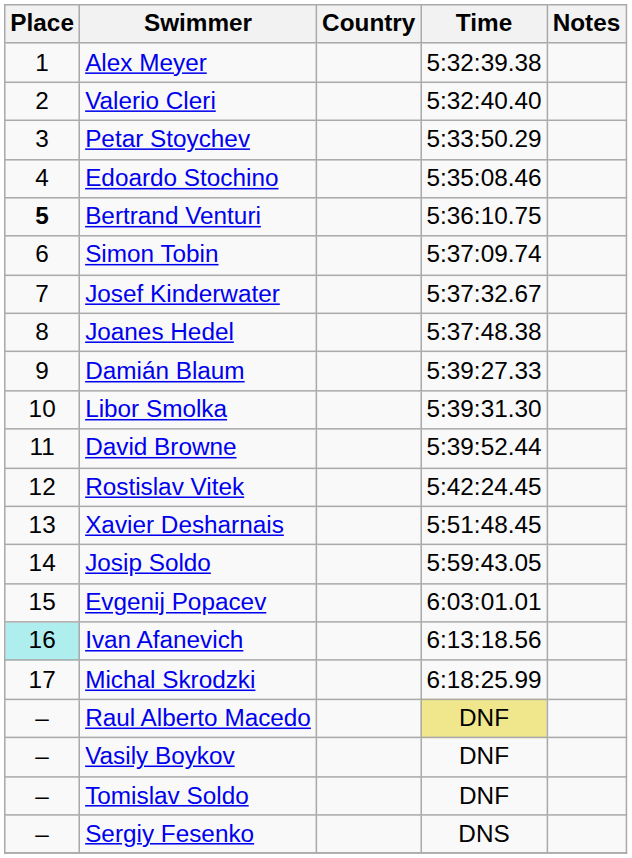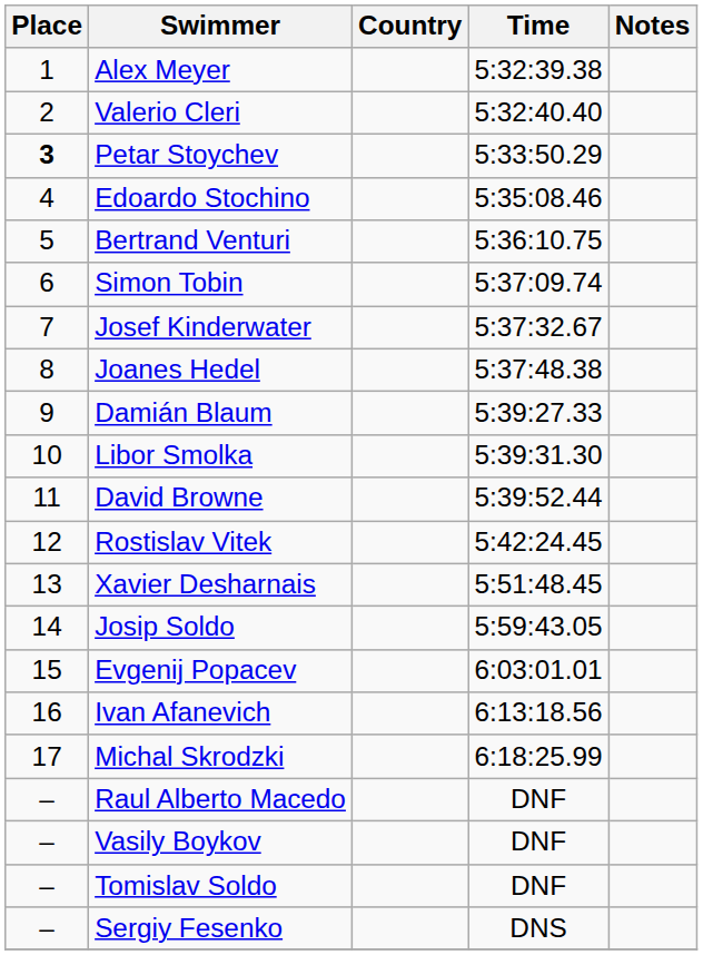 <table class="wikitable" style="text-align:center">
 <tr>
 <th>Place</th>
 <th>Swimmer</th>
 <th>Country</th>
 <th>Time</th>
 <th>Notes</th>
 </tr>
 <tr>
 <td>1</td>
 <td align=left><a href='#'>Alex Meyer</a></td>
 <td align=left></td>
 <td>5:32:39.38</td>
 <td></td>
 </tr>
 <tr>
 <td>2</td>
 <td align=left><a href='#'>Valerio Cleri</a></td>
 <td align=left></td>
 <td>5:32:40.40</td>
 <td></td>
 </tr>
 <tr>
-<td>3</td>
+<td><strong>3</strong></td>
 <td align=left><a href='#'>Petar Stoychev</a></td>
 <td align=left></td>
 <td>5:33:50.29</td>
 <td></td>
 </tr>
 <tr>
 <td>4</td>
 <td align=left><a href='#'>Edoardo Stochino</a></td>
 <td align=left></td>
 <td>5:35:08.46</td>
 <td></td>
 </tr>
 <tr>
-<td><strong>5</strong></td>
+<td>5</td>
 <td align=left><a href='#'>Bertrand Venturi</a></td>
 <td align=left></td>
 <td>5:36:10.75</td>
 <td></td>
 </tr>
 <tr>
 <td>6</td>
 <td align=left><a href='#'>Simon Tobin</a></td>
 <td align=left></td>
 <td>5:37:09.74</td>
 <td></td>
 </tr>
 <tr>
 <td>7</td>
 <td align=left><a href='#'>Josef Kinderwater</a></td>
 <td align=left></td>
 <td>5:37:32.67</td>
 <td></td>
 </tr>
 <tr>
 <td>8</td>
 <td align=left><a href='#'>Joanes Hedel</a></td>
 <td align=left></td>
 <td>5:37:48.38</td>
 <td></td>
 </tr>
 <tr>
 <td>9</td>
 <td align=left><a href='#'>Damián Blaum</a></td>
 <td align=left></td>
 <td>5:39:27.33</td>
 <td></td>
 </tr>
 <tr>
 <td>10</td>
 <td align=left><a href='#'>Libor Smolka</a></td>
 <td align=left></td>
 <td>5:39:31.30</td>
 <td></td>
 </tr>
 <tr>
 <td>11</td>
 <td align=left><a href='#'>David Browne</a></td>
 <td align=left></td>
 <td>5:39:52.44</td>
 <td></td>
 </tr>
 <tr>
 <td>12</td>
 <td align=left><a href='#'>Rostislav Vitek</a></td>
 <td align=left></td>
 <td>5:42:24.45</td>
 <td></td>
 </tr>
 <tr>
 <td>13</td>
 <td align=left><a href='#'>Xavier Desharnais</a></td>
 <td align=left></td>
 <td>5:51:48.45</td>
 <td></td>
 </tr>
 <tr>
 <td>14</td>
 <td align=left><a href='#'>Josip Soldo</a></td>
 <td align=left></td>
 <td>5:59:43.05</td>
 <td></td>
 </tr>
 <tr>
 <td>15</td>
 <td align=left><a href='#'>Evgenij Popacev</a></td>
 <td align=left></td>
 <td>6:03:01.01</td>
 <td></td>
 </tr>
 <tr>
-<td style="background: paleturquoise;">16</td>
+<td>16</td>
 <td align=left><a href='#'>Ivan Afanevich</a></td>
 <td align=left></td>
 <td>6:13:18.56</td>
 <td></td>
 </tr>
 <tr>
 <td>17</td>
 <td align=left><a href='#'>Michal Skrodzki</a></td>
 <td align=left></td>
 <td>6:18:25.99</td>
 <td></td>
 </tr>
 <tr>
 <td>–</td>
 <td align=left><a href='#'>Raul Alberto Macedo</a></td>
 <td align=left></td>
-<td style="background: khaki;">DNF</td>
+<td>DNF</td>
 <td></td>
 </tr>
 <tr>
 <td>–</td>
 <td align=left><a href='#'>Vasily Boykov</a></td>
 <td align=left></td>
 <td>DNF</td>
 <td></td>
 </tr>
 <tr>
 <td>–</td>
 <td align=left><a href='#'>Tomislav Soldo</a></td>
 <td align=left></td>
 <td>DNF</td>
 <td></td>
 </tr>
 <tr>
 <td>–</td>
 <td align=left><a href='#'>Sergiy Fesenko</a></td>
 <td align=left></td>
 <td>DNS</td>
 <td></td>
 </tr>
 <tr>
 </tr>
 </table>
